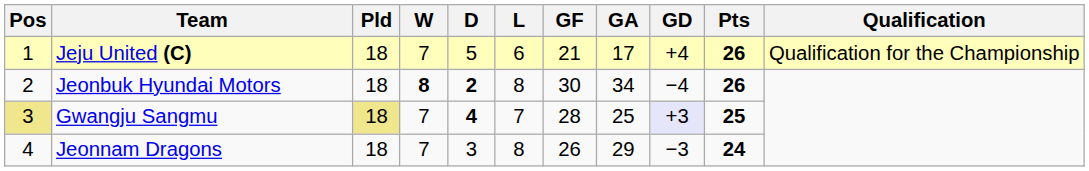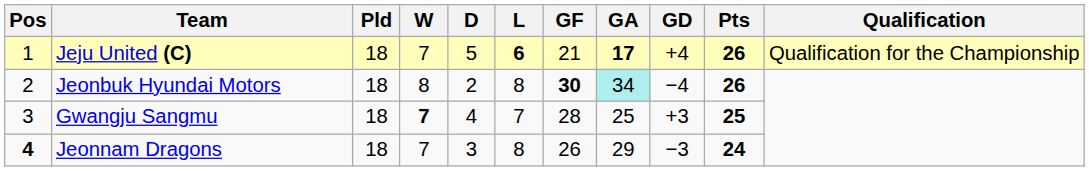 <table class="wikitable" style="text-align:center;">
 <tr>
 <th width=20>Pos</th>
 <th width=230>Team</th>
 <th width=30 abbr="Played">Pld</th>
 <th width=30 abbr="Won">W</th>
 <th width=30 abbr="Draw">D</th>
 <th width=30 abbr="Lost">L</th>
 <th width=35 abbr="Goals for">GF</th>
 <th width=35 abbr="Goals against">GA</th>
 <th width=35 abbr="Goal difference">GD</th>
 <th width=40 abbr="Points">Pts</th>
 <th>Qualification</th>
 </tr>
 <tr bgcolor=#ffffbb>
 <td>1</td>
 <td align="left"><a href='#'>Jeju United</a> <strong>(C)</strong></td>
 <td>18</td>
 <td>7</td>
 <td>5</td>
-<td>6</td>
+<td><strong>6</strong></td>
 <td>21</td>
-<td>17</td>
+<td><strong>17</strong></td>
 <td>+4</td>
 <td><strong>26</strong></td>
 <td>Qualification for the Championship</td>
 </tr>
 <tr>
 <td>2</td>
 <td align="left"><a href='#'>Jeonbuk Hyundai Motors</a></td>
 <td>18</td>
-<td><strong>8</strong></td>
-<td><strong>2</strong></td>
 <td>8</td>
-<td>30</td>
-<td>34</td>
+<td>2</td>
+<td>8</td>
+<td><strong>30</strong></td>
+<td style="background: paleturquoise;">34</td>
 <td>−4</td>
 <td><strong>26</strong></td>
 <td rowspan=3></td>
 </tr>
 <tr>
-<td style="background: khaki;">3</td>
+<td>3</td>
 <td align="left"><a href='#'>Gwangju Sangmu</a></td>
-<td style="background: khaki;">18</td>
-<td>7</td>
-<td><strong>4</strong></td>
+<td>18</td>
+<td><strong>7</strong></td>
+<td>4</td>
 <td>7</td>
 <td>28</td>
 <td>25</td>
-<td style="background: lavender;">+3</td>
+<td>+3</td>
 <td><strong>25</strong></td>
 </tr>
 <tr>
-<td>4</td>
+<td><strong>4</strong></td>
 <td align="left"><a href='#'>Jeonnam Dragons</a></td>
 <td>18</td>
 <td>7</td>
 <td>3</td>
 <td>8</td>
 <td>26</td>
 <td>29</td>
 <td>−3</td>
 <td><strong>24</strong></td>
 </tr>
 </table>
